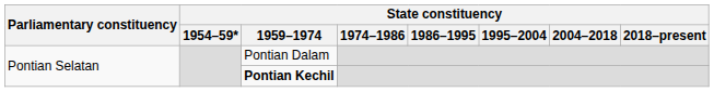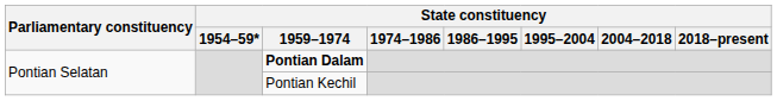 <table class="wikitable">
 <tr>
 <th rowspan="2">Parliamentary constituency</th>
 <th colspan="7">State constituency</th>
 </tr>
 <tr>
 <th>1954–59*</th>
 <th>1959–1974</th>
 <th>1974–1986</th>
 <th>1986–1995</th>
 <th>1995–2004</th>
 <th>2004–2018</th>
 <th>2018–present</th>
 </tr>
 <tr>
 <td rowspan="2">Pontian Selatan</td>
 <td rowspan="2" bgcolor="dcdcdc"></td>
-<td>Pontian Dalam</td>
+<td><strong>Pontian Dalam</strong></td>
 <td colspan="5" bgcolor="dcdcdc"></td>
 </tr>
 <tr>
-<td><strong>Pontian Kechil</strong></td>
+<td>Pontian Kechil</td>
 <td colspan="5" bgcolor="dcdcdc"></td>
 </tr>
 </table>
